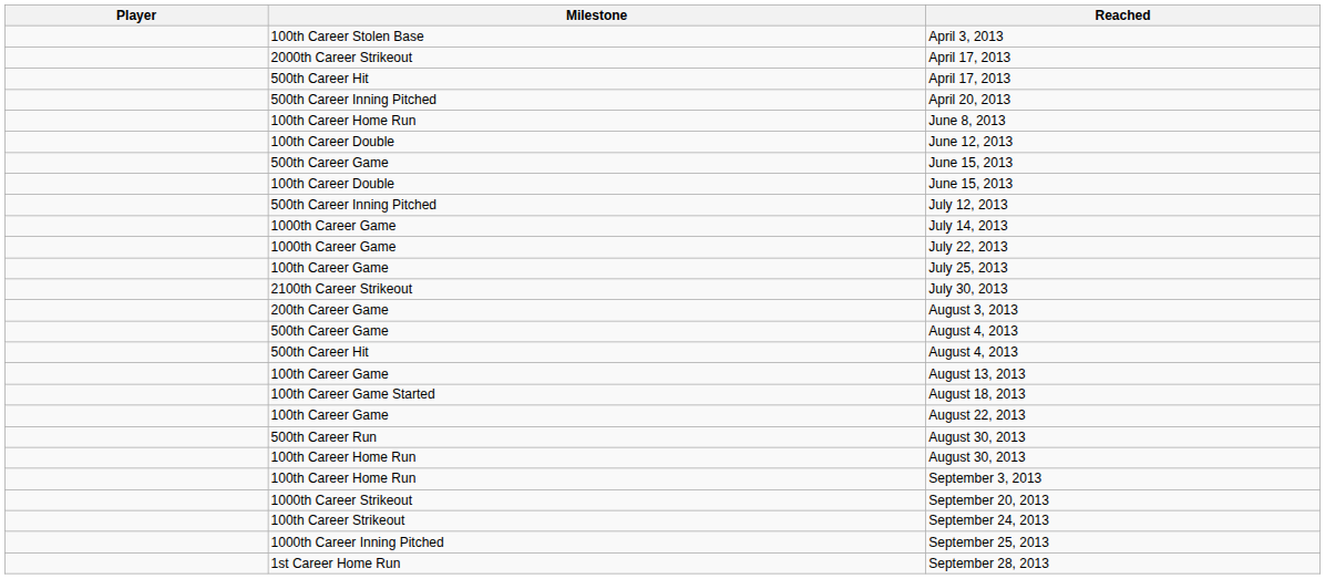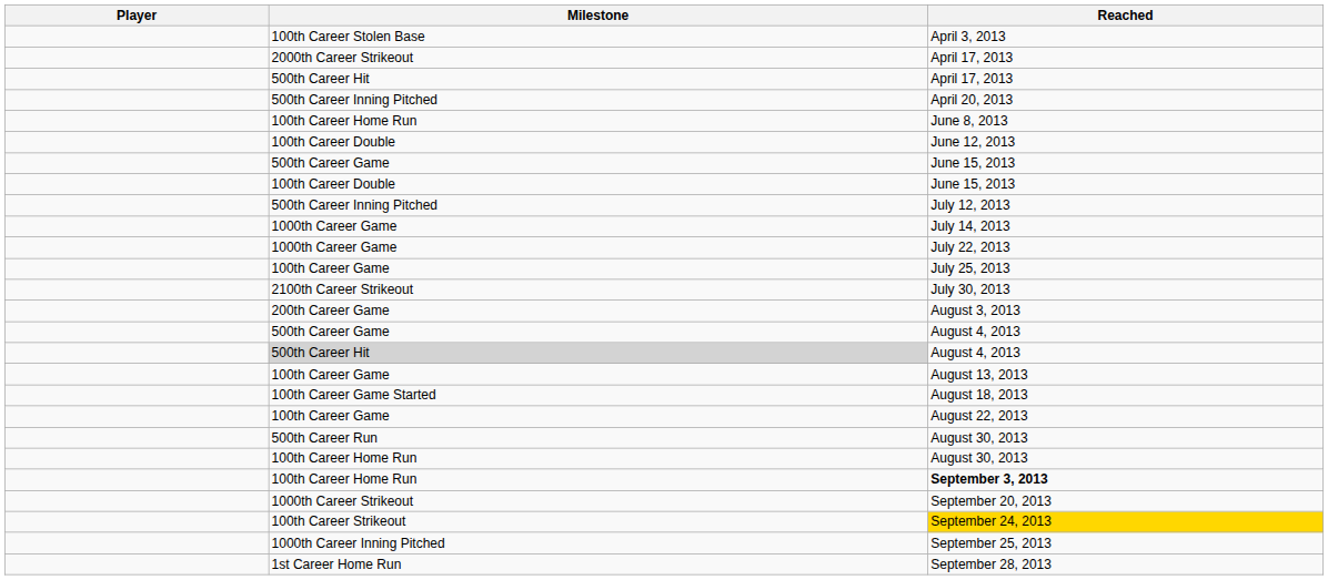 <table class="wikitable sortable" style="width:100%;">
 <tr align=center>
 <th style="width:20%;">Player</th>
 <th style="width:50%;">Milestone</th>
 <th style="width:30%;" data-sort-type="date">Reached</th>
 </tr>
 <tr>
 <td></td>
 <td>100th Career Stolen Base</td>
 <td>April 3, 2013</td>
 </tr>
 <tr>
 <td></td>
 <td>2000th Career Strikeout</td>
 <td>April 17, 2013</td>
 </tr>
 <tr>
 <td></td>
 <td>500th Career Hit</td>
 <td>April 17, 2013</td>
 </tr>
 <tr>
 <td></td>
 <td>500th Career Inning Pitched</td>
 <td>April 20, 2013</td>
 </tr>
 <tr>
 <td></td>
 <td>100th Career Home Run</td>
 <td>June 8, 2013</td>
 </tr>
 <tr>
 <td></td>
 <td>100th Career Double</td>
 <td>June 12, 2013</td>
 </tr>
 <tr>
 <td></td>
 <td>500th Career Game</td>
 <td>June 15, 2013</td>
 </tr>
 <tr>
 <td></td>
 <td>100th Career Double</td>
 <td>June 15, 2013</td>
 </tr>
 <tr>
 <td></td>
 <td>500th Career Inning Pitched</td>
 <td>July 12, 2013</td>
 </tr>
 <tr>
 <td></td>
 <td>1000th Career Game</td>
 <td>July 14, 2013</td>
 </tr>
 <tr>
 <td></td>
 <td>1000th Career Game</td>
 <td>July 22, 2013</td>
 </tr>
 <tr>
 <td></td>
 <td>100th Career Game</td>
 <td>July 25, 2013</td>
 </tr>
 <tr>
 <td></td>
 <td>2100th Career Strikeout</td>
 <td>July 30, 2013</td>
 </tr>
 <tr>
 <td></td>
 <td>200th Career Game</td>
 <td>August 3, 2013</td>
 </tr>
 <tr>
 <td></td>
 <td>500th Career Game</td>
 <td>August 4, 2013</td>
 </tr>
 <tr>
 <td></td>
-<td>500th Career Hit</td>
+<td style="background: lightgrey;">500th Career Hit</td>
 <td>August 4, 2013</td>
 </tr>
 <tr>
 <td></td>
 <td>100th Career Game</td>
 <td>August 13, 2013</td>
 </tr>
 <tr>
 <td></td>
 <td>100th Career Game Started</td>
 <td>August 18, 2013</td>
 </tr>
 <tr>
 <td></td>
 <td>100th Career Game</td>
 <td>August 22, 2013</td>
 </tr>
 <tr>
 <td></td>
 <td>500th Career Run</td>
 <td>August 30, 2013</td>
 </tr>
 <tr>
 <td></td>
 <td>100th Career Home Run</td>
 <td>August 30, 2013</td>
 </tr>
 <tr>
 <td></td>
 <td>100th Career Home Run</td>
-<td>September 3, 2013</td>
+<td><strong>September 3, 2013</strong></td>
 </tr>
 <tr>
 <td></td>
 <td>1000th Career Strikeout</td>
 <td>September 20, 2013</td>
 </tr>
 <tr>
 <td></td>
 <td>100th Career Strikeout</td>
-<td>September 24, 2013</td>
+<td style="background: gold;">September 24, 2013</td>
 </tr>
 <tr>
 <td></td>
 <td>1000th Career Inning Pitched</td>
 <td>September 25, 2013</td>
 </tr>
 <tr>
 <td></td>
 <td>1st Career Home Run</td>
 <td>September 28, 2013</td>
 </tr>
 </table>
